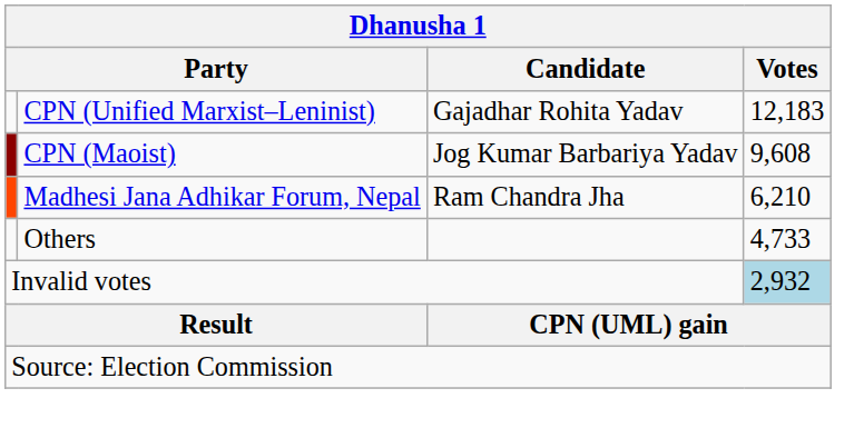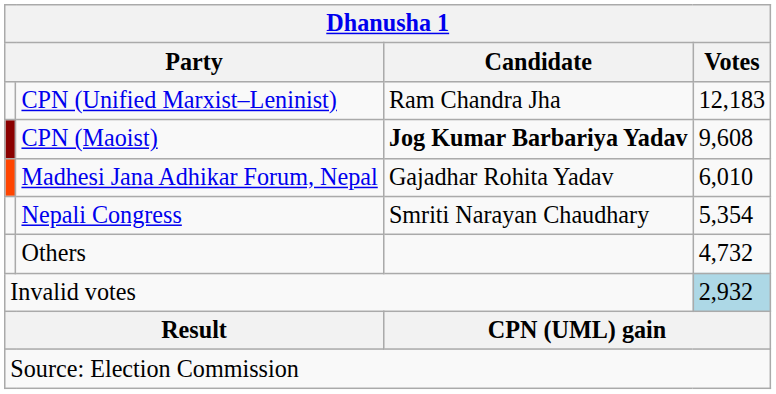 <table class="wikitable">
 <tr>
 <th colspan="4"><a href='#'>Dhanusha 1</a></th>
 </tr>
 <tr>
 <th colspan="2">Party</th>
 <th>Candidate</th>
 <th>Votes</th>
 </tr>
 <tr>
 <td style="background-color:"></td>
 <td><a href='#'>CPN (Unified Marxist–Leninist)</a></td>
-<td>Gajadhar Rohita Yadav</td>
+<td>Ram Chandra Jha</td>
 <td>12,183</td>
 </tr>
 <tr>
 <td style="background-color:darkred"></td>
 <td><a href='#'>CPN (Maoist)</a></td>
-<td>Jog Kumar Barbariya Yadav</td>
+<td><strong>Jog Kumar Barbariya Yadav</strong></td>
 <td>9,608</td>
 </tr>
 <tr>
 <td style="background-color:orangered"></td>
 <td><a href='#'>Madhesi Jana Adhikar Forum, Nepal</a></td>
-<td>Ram Chandra Jha</td>
-<td>6,210</td>
+<td>Gajadhar Rohita Yadav</td>
+<td>6,010</td>
+</tr>
+<tr>
+<td style="background-color:"></td>
+<td><a href='#'>Nepali Congress</a></td>
+<td>Smriti Narayan Chaudhary</td>
+<td>5,354</td>
 </tr>
 <tr>
 <td></td>
 <td>Others</td>
 <td></td>
-<td>4,733</td>
+<td>4,732</td>
 </tr>
 <tr>
 <td colspan="3">Invalid votes</td>
 <td style="background: lightblue;">2,932</td>
 </tr>
 <tr>
 <th colspan="2">Result</th>
 <th colspan="2">CPN (UML) gain</th>
 </tr>
 <tr>
 <td colspan="4">Source: Election Commission</td>
 </tr>
 </table>
